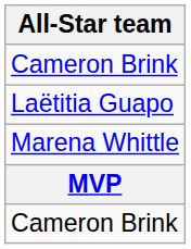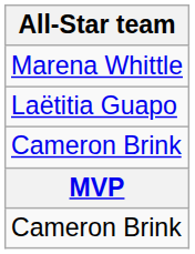 <table class="wikitable plainrowheaders">
 <tr>
 <th scope="col" colspan=2>All-Star team</th>
 </tr>
 <tr>
-<td> <a href='#'>Cameron Brink</a></td>
+<td> <a href='#'>Marena Whittle</a></td>
 </tr>
 <tr>
 <td> <a href='#'>Laëtitia Guapo</a></td>
 </tr>
 <tr>
-<td> <a href='#'>Marena Whittle</a></td>
+<td> <a href='#'>Cameron Brink</a></td>
 </tr>
 <tr>
 <th scope="col" colspan=2><a href='#'>MVP</a></th>
 </tr>
 <tr>
 <td> Cameron Brink</td>
 </tr>
 </table>
